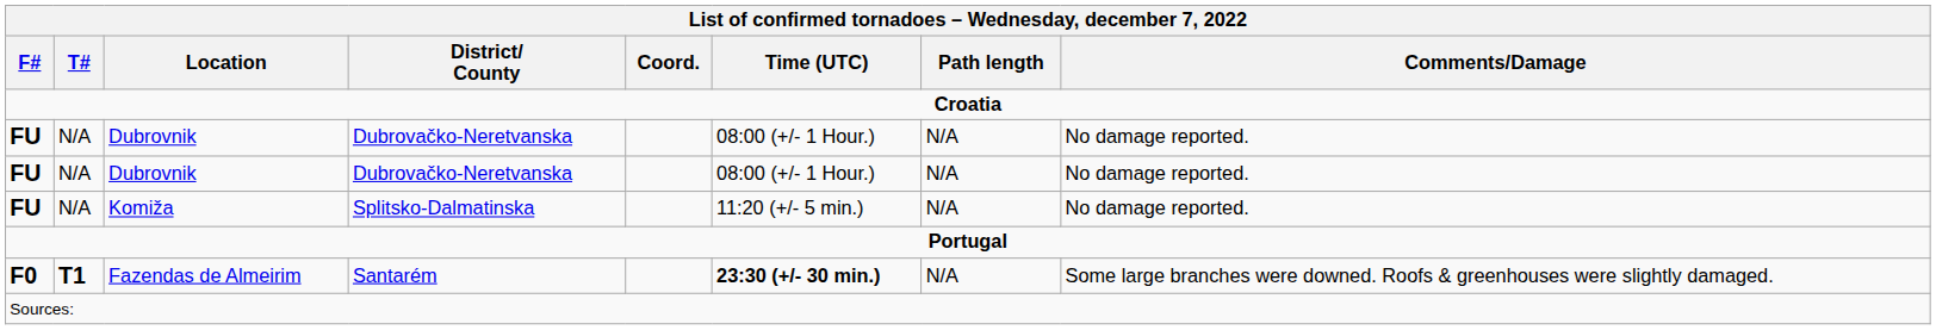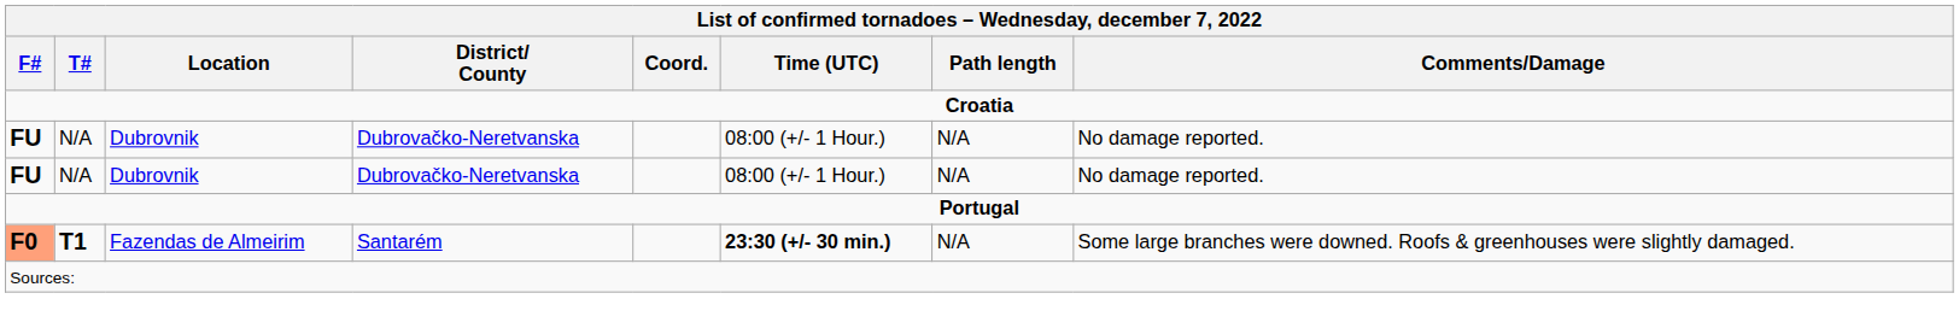 <table class="wikitable collapsible" width="100%">
 <tr>
 <th colspan="8">List of confirmed tornadoes – Wednesday, december 7, 2022</th>
 </tr>
 <tr>
 <th><a href='#'>F#</a></th>
 <th><a href='#'>T#</a></th>
 <th>Location</th>
 <th>District/<br>County</th>
 <th>Coord.</th>
 <th>Time (UTC)</th>
 <th>Path length</th>
 <th>Comments/Damage</th>
 </tr>
 <tr>
 <td colspan="8" align=center><strong>Croatia</strong></td>
 </tr>
 <tr>
 <td><big><strong>FU</strong></big></td>
 <td>N/A</td>
 <td><a href='#'>Dubrovnik</a></td>
 <td><a href='#'>Dubrovačko-Neretvanska</a></td>
 <td></td>
 <td>08:00 (+/- 1 Hour.)</td>
 <td>N/A</td>
 <td>No damage reported.</td>
 </tr>
 <tr>
 <td><big><strong>FU</strong></big></td>
 <td>N/A</td>
 <td><a href='#'>Dubrovnik</a></td>
 <td><a href='#'>Dubrovačko-Neretvanska</a></td>
 <td></td>
 <td>08:00 (+/- 1 Hour.)</td>
 <td>N/A</td>
 <td>No damage reported.</td>
 </tr>
 <tr>
-<td><big><strong>FU</strong></big></td>
-<td>N/A</td>
-<td><a href='#'>Komiža</a></td>
-<td><a href='#'>Splitsko-Dalmatinska</a></td>
-<td></td>
-<td>11:20 (+/- 5 min.)</td>
-<td>N/A</td>
-<td>No damage reported.</td>
-</tr>
-<tr>
 <td colspan="8" align=center><strong>Portugal</strong></td>
 </tr>
 <tr>
-<td><big><strong>F0</strong></big></td>
+<td style="background: lightsalmon;"><big><strong>F0</strong></big></td>
 <td><big><strong>T1</strong></big></td>
 <td><a href='#'>Fazendas de Almeirim</a></td>
 <td><a href='#'>Santarém</a></td>
 <td></td>
 <td><strong>23:30 (+/- 30 min.)</strong></td>
 <td>N/A</td>
 <td>Some large branches were downed. Roofs & greenhouses were slightly damaged.</td>
 </tr>
 <tr>
 <td colspan="8"><small>Sources:  </small></td>
 </tr>
 </table>
